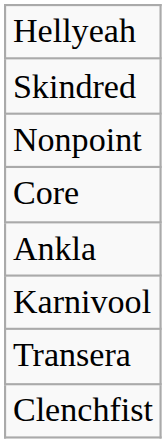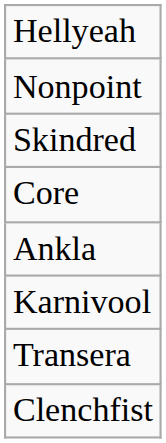 <table class="wikitable">
 <tr>
 <td>Hellyeah</td>
 </tr>
 <tr>
-<td>Skindred</td>
+<td>Nonpoint</td>
 </tr>
 <tr>
-<td>Nonpoint</td>
+<td>Skindred</td>
 </tr>
 <tr>
 <td>Core</td>
 </tr>
 <tr>
 <td>Ankla</td>
 </tr>
 <tr>
 <td>Karnivool</td>
 </tr>
 <tr>
 <td>Transera</td>
 </tr>
 <tr>
 <td>Clenchfist</td>
 </tr>
 </table>
